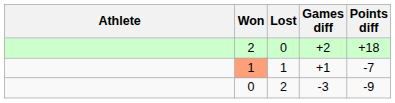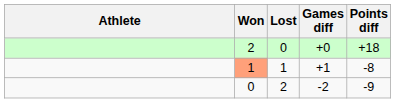 <table class="wikitable">
 <tr>
 <th style="width:18em">Athlete</th>
 <th>Won</th>
 <th>Lost</th>
 <th>Games<br>diff</th>
 <th>Points<br>diff</th>
 </tr>
 <tr bgcolor="#ccffcc">
 <td></td>
 <td align="center">2</td>
 <td align="center">0</td>
-<td align="center">+2</td>
+<td align="center">+0</td>
 <td align="center">+18</td>
 </tr>
 <tr>
 <td></td>
 <td align="center" style="background: lightsalmon;">1</td>
 <td align="center">1</td>
 <td align="center">+1</td>
-<td align="center">-7</td>
+<td align="center">-8</td>
 </tr>
 <tr>
 <td></td>
 <td align="center">0</td>
 <td align="center">2</td>
-<td align="center">-3</td>
+<td align="center">-2</td>
 <td align="center">-9</td>
 </tr>
 </table>
